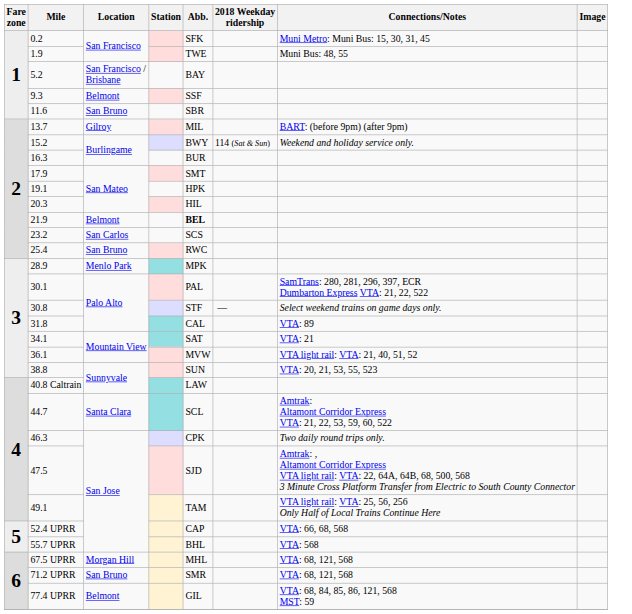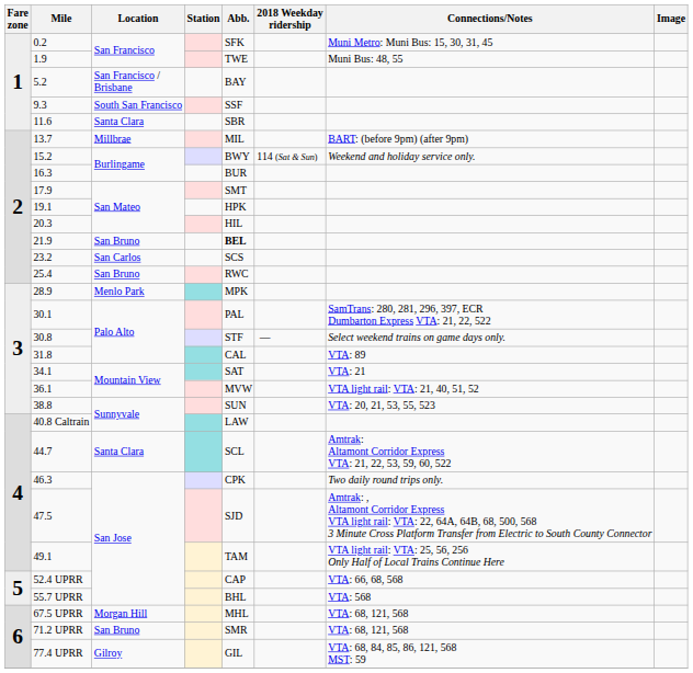 <table class="wikitable sortable sticky-header">
 <tr>
 <th>Fare<br>zone</th>
 <th>Mile</th>
 <th>Location</th>
 <th>Station</th>
 <th>Abb.</th>
 <th>2018 Weekday<br>ridership</th>
 <th class="unsortable">Connections/Notes</th>
 <th class="unsortable">Image</th>
 </tr>
 <tr>
 <td rowspan="5" style="text-align:center;font-size:200%;background-color:#EEE;"><strong>1</strong></td>
 <td>0.2</td>
 <td rowspan="2"><a href='#'>San Francisco</a></td>
 <td style="background-color:#FDD;">  </td>
 <td>SFK</td>
 <td></td>
 <td> <a href='#'>Muni Metro</a>:   Muni Bus: 15, 30, 31, 45</td>
 <td></td>
 </tr>
 <tr>
 <td>1.9</td>
 <td style="background-color:#FDD;"></td>
 <td>TWE</td>
 <td></td>
 <td> Muni Bus: 48, 55</td>
 <td></td>
 </tr>
 <tr>
 <td>5.2</td>
 <td><a href='#'>San Francisco</a> /<br><a href='#'>Brisbane</a></td>
 <td> </td>
 <td>BAY</td>
 <td></td>
 <td></td>
 <td></td>
 </tr>
 <tr>
 <td>9.3</td>
-<td><a href='#'>Belmont</a></td>
+<td><a href='#'>South San Francisco</a></td>
 <td style="background-color:#FDD;"> </td>
 <td>SSF</td>
 <td></td>
 <td></td>
 <td></td>
 </tr>
 <tr>
 <td>11.6</td>
-<td><a href='#'>San Bruno</a></td>
+<td><a href='#'>Santa Clara</a></td>
 <td> </td>
 <td>SBR</td>
 <td></td>
 <td></td>
 <td></td>
 </tr>
 <tr>
 <td rowspan="9" style="text-align:center;font-size:200%;background-color:#DDD;"><strong>2</strong></td>
 <td>13.7</td>
-<td><a href='#'>Gilroy</a></td>
+<td><a href='#'>Millbrae</a></td>
 <td style="background-color:#FDD;">  </td>
 <td>MIL</td>
 <td></td>
 <td> <a href='#'>BART</a>:  (before 9pm)  (after 9pm)</td>
 <td></td>
 </tr>
 <tr>
 <td>15.2</td>
 <td rowspan="2"><a href='#'>Burlingame</a></td>
 <td style="background-color:#DDF;"><em></em></td>
 <td>BWY</td>
 <td>114 <small>(<em>Sat & Sun</em>)</small></td>
 <td><em>Weekend and holiday service only.</em></td>
 <td></td>
 </tr>
 <tr>
 <td>16.3</td>
 <td> </td>
 <td>BUR</td>
 <td></td>
 <td></td>
 <td></td>
 </tr>
 <tr>
 <td>17.9</td>
 <td rowspan="3"><a href='#'>San Mateo</a></td>
 <td style="background-color:#FDD;"> </td>
 <td>SMT</td>
 <td></td>
 <td></td>
 <td></td>
 </tr>
 <tr>
 <td>19.1</td>
 <td> </td>
 <td>HPK</td>
 <td></td>
 <td></td>
 <td></td>
 </tr>
 <tr>
 <td>20.3</td>
 <td style="background-color:#FDD"> </td>
 <td>HIL</td>
 <td></td>
 <td></td>
 <td></td>
 </tr>
 <tr>
 <td>21.9</td>
-<td><a href='#'>Belmont</a></td>
+<td><a href='#'>San Bruno</a></td>
 <td> </td>
 <td><strong>BEL</strong></td>
 <td></td>
 <td></td>
 <td></td>
 </tr>
 <tr>
 <td>23.2</td>
 <td><a href='#'>San Carlos</a></td>
 <td> </td>
 <td>SCS</td>
 <td></td>
 <td></td>
 <td></td>
 </tr>
 <tr>
 <td>25.4</td>
 <td><a href='#'>San Bruno</a></td>
 <td style="background-color:#FDD;"> </td>
 <td>RWC</td>
 <td></td>
 <td></td>
 <td></td>
 </tr>
 <tr>
 <td rowspan="7" style="text-align:center;font-size:200%;background-color:#EEE;"><strong>3</strong></td>
 <td>28.9</td>
 <td><a href='#'>Menlo Park</a></td>
 <td style="background-color:#94DFE2;"> </td>
 <td>MPK</td>
 <td></td>
 <td></td>
 <td></td>
 </tr>
 <tr>
 <td>30.1</td>
 <td rowspan="3"><a href='#'>Palo Alto</a></td>
 <td style="background-color:#FDD"> </td>
 <td>PAL</td>
 <td></td>
 <td><a href='#'>SamTrans</a>: 280, 281, 296, 397, ECR<br><a href='#'>Dumbarton Express</a>  <a href='#'>VTA</a>: 21, 22, 522<br></td>
 <td></td>
 </tr>
 <tr>
 <td>30.8</td>
 <td style="background-color:#DDF;"><em></em></td>
 <td>STF</td>
 <td> —</td>
 <td><em>Select weekend trains on game days only.</em></td>
 <td></td>
 </tr>
 <tr>
 <td>31.8</td>
 <td style="background-color:#94DFE2"> </td>
 <td>CAL</td>
 <td></td>
 <td> <a href='#'>VTA</a>: 89<br></td>
 <td></td>
 </tr>
 <tr>
 <td>34.1</td>
 <td rowspan="2"><a href='#'>Mountain View</a></td>
 <td style="background-color:#94DFE2"> </td>
 <td>SAT</td>
 <td></td>
 <td> <a href='#'>VTA</a>: 21</td>
 <td></td>
 </tr>
 <tr>
 <td>36.1</td>
 <td style="background-color:#FDD">  </td>
 <td>MVW</td>
 <td></td>
 <td> <a href='#'>VTA light rail</a>:  <a href='#'>VTA</a>: 21, 40, 51, 52<br></td>
 <td></td>
 </tr>
 <tr>
 <td>38.8</td>
 <td rowspan="2"><a href='#'>Sunnyvale</a></td>
 <td style="background-color:#FDD"> </td>
 <td>SUN</td>
 <td></td>
 <td> <a href='#'>VTA</a>: 20, 21, 53, 55, 523</td>
 <td></td>
 </tr>
 <tr>
 <td rowspan="5" style="text-align:center;font-size:200%;background-color:#DDD;"><strong>4</strong></td>
 <td>40.8 Caltrain</td>
 <td style="background-color:#94DFE2"> </td>
 <td>LAW</td>
 <td></td>
 <td></td>
 <td></td>
 </tr>
 <tr>
 <td>44.7</td>
 <td><a href='#'>Santa Clara</a></td>
 <td style="background-color:#94DFE2">  </td>
 <td>SCL</td>
 <td></td>
 <td> <a href='#'>Amtrak</a>: <br> <a href='#'>Altamont Corridor Express</a><br> <a href='#'>VTA</a>: 21, 22, 53, 59, 60, 522</td>
 <td></td>
 </tr>
 <tr>
 <td>46.3</td>
 <td rowspan="5"><a href='#'>San Jose</a></td>
 <td style="background-color:#DDF;"><em></em></td>
 <td>CPK</td>
 <td></td>
 <td><em>Two daily round trips only.</em></td>
 <td></td>
 </tr>
 <tr>
 <td>47.5</td>
 <td style="background-color:#FDD;">  </td>
 <td>SJD</td>
 <td></td>
 <td> <a href='#'>Amtrak</a>: , <br> <a href='#'>Altamont Corridor Express</a><br> <a href='#'>VTA light rail</a>:  <a href='#'>VTA</a>: 22, 64A, 64B, 68, 500, 568<br> <em>3 Minute Cross Platform Transfer from Electric to South County Connector</em></td>
 <td></td>
 </tr>
 <tr>
 <td>49.1</td>
 <td style="background-color:#FFF3D4;">  </td>
 <td>TAM</td>
 <td></td>
 <td> <a href='#'>VTA light rail</a>:  <a href='#'>VTA</a>: 25, 56, 256<br><em>Only Half of Local Trains Continue Here</em></td>
 <td></td>
 </tr>
 <tr>
 <td rowspan="2" style="text-align:center;font-size:200%;background-color:#EEE;"><strong>5</strong></td>
 <td>52.4 UPRR</td>
 <td style="background-color:#FFF3D4;"> </td>
 <td>CAP</td>
 <td></td>
 <td> <a href='#'>VTA</a>: 66, 68, 568</td>
 <td></td>
 </tr>
 <tr>
 <td>55.7 UPRR</td>
 <td style="background-color:#FFF3D4;"> </td>
 <td>BHL</td>
 <td></td>
 <td> <a href='#'>VTA</a>: 568</td>
 <td></td>
 </tr>
 <tr>
 <td rowspan="3" style="text-align:center;font-size:200%;background-color:#DDD;"><strong>6</strong></td>
 <td>67.5 UPRR</td>
 <td><a href='#'>Morgan Hill</a></td>
 <td style="background-color:#FFF3D4;"> </td>
 <td>MHL</td>
 <td></td>
 <td> <a href='#'>VTA</a>: 68, 121, 568</td>
 <td></td>
 </tr>
 <tr>
 <td>71.2 UPRR</td>
 <td><a href='#'>San Bruno</a></td>
 <td style="background-color:#FFF3D4;"> </td>
 <td>SMR</td>
 <td></td>
 <td> <a href='#'>VTA</a>: 68, 121, 568</td>
 <td></td>
 </tr>
 <tr>
 <td>77.4 UPRR</td>
-<td><a href='#'>Belmont</a></td>
+<td><a href='#'>Gilroy</a></td>
 <td style="background-color:#FFF3D4;"> </td>
 <td>GIL</td>
 <td></td>
 <td> <a href='#'>VTA</a>: 68, 84, 85, 86, 121, 568<br><a href='#'>MST</a>: 59</td>
 <td></td>
 </tr>
 <tr>
 </tr>
 </table>
